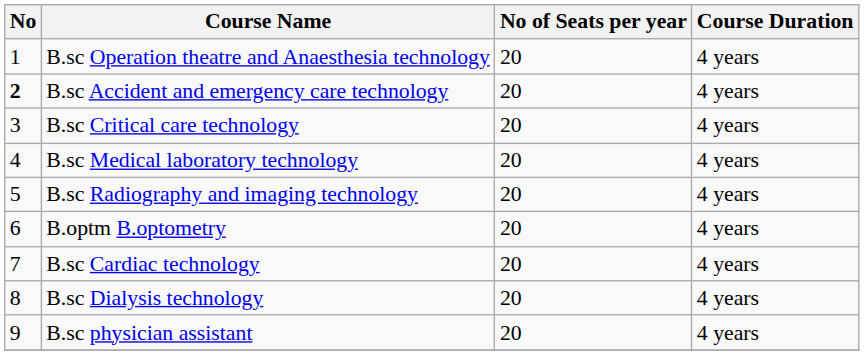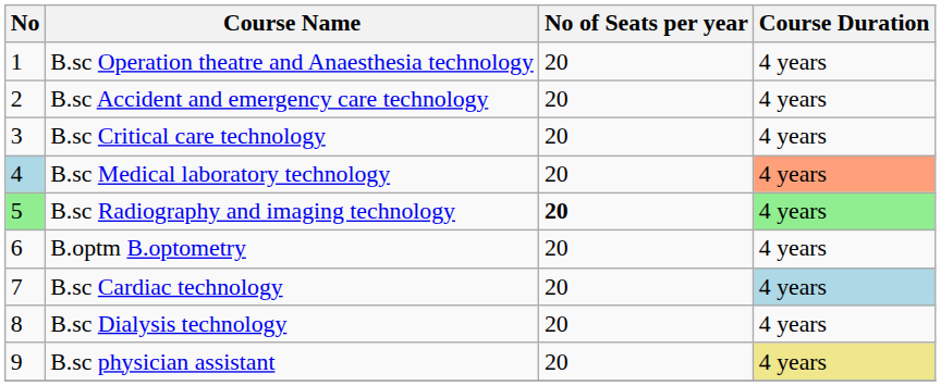 <table class="wikitable sortable">
 <tr style="text-align:center; background:#f0f0f0;">
 <th>No</th>
 <th>Course Name</th>
 <th>No of Seats per year</th>
 <th>Course Duration</th>
 </tr>
 <tr>
 <td>1</td>
 <td>B.sc <a href='#'>Operation theatre and Anaesthesia technology </a></td>
 <td>20</td>
 <td>4 years</td>
 </tr>
 <tr>
-<td><strong>2</strong></td>
+<td>2</td>
 <td>B.sc <a href='#'>Accident and emergency care technology</a></td>
 <td>20</td>
 <td>4 years</td>
 </tr>
 <tr>
 <td>3</td>
 <td>B.sc <a href='#'>Critical care technology</a></td>
 <td>20</td>
 <td>4 years</td>
 </tr>
 <tr>
-<td>4</td>
+<td style="background: lightblue;">4</td>
 <td>B.sc <a href='#'>Medical laboratory technology</a></td>
 <td>20</td>
-<td>4 years</td>
+<td style="background: lightsalmon;">4 years</td>
 </tr>
 <tr>
-<td>5</td>
+<td style="background: lightgreen;">5</td>
 <td>B.sc <a href='#'>Radiography and imaging technology</a></td>
-<td>20</td>
-<td>4 years</td>
+<td><strong>20</strong></td>
+<td style="background: lightgreen;">4 years</td>
 </tr>
 <tr>
 <td>6</td>
 <td>B.optm <a href='#'>B.optometry</a></td>
 <td>20</td>
 <td>4 years</td>
 </tr>
 <tr>
 <td>7</td>
 <td>B.sc <a href='#'>Cardiac technology</a></td>
 <td>20</td>
-<td>4 years</td>
+<td style="background: lightblue;">4 years</td>
 </tr>
 <tr>
 <td>8</td>
 <td>B.sc <a href='#'>Dialysis technology</a></td>
 <td>20</td>
 <td>4 years</td>
 </tr>
 <tr>
 <td>9</td>
 <td>B.sc <a href='#'>physician assistant</a></td>
 <td>20</td>
-<td>4 years</td>
+<td style="background: khaki;">4 years</td>
 </tr>
 <tr>
 </tr>
 </table>
